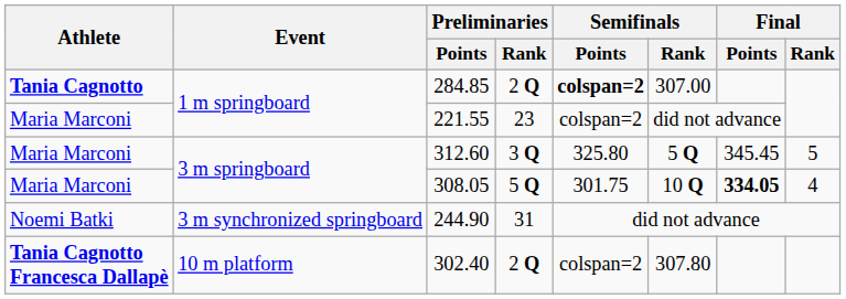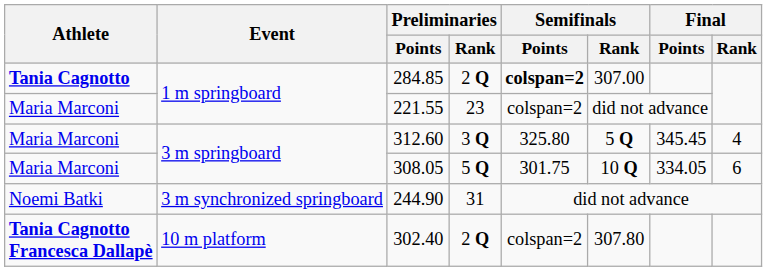 <table class=wikitable style="font-size:90%;">
 <tr>
 <th rowspan="2">Athlete</th>
 <th rowspan="2">Event</th>
 <th colspan="2">Preliminaries</th>
 <th colspan="2">Semifinals</th>
 <th colspan="2">Final</th>
 </tr>
 <tr style="font-size:95%">
 <th>Points</th>
 <th>Rank</th>
 <th>Points</th>
 <th>Rank</th>
 <th>Points</th>
 <th>Rank</th>
 </tr>
 <tr align=center>
 <td align=left><strong><a href='#'>Tania Cagnotto</a></strong></td>
 <td align=left rowspan=2><a href='#'>1 m springboard</a></td>
 <td>284.85</td>
 <td>2 <strong>Q</strong></td>
 <td><strong>colspan=2 </strong></td>
 <td>307.00</td>
 <td></td>
 </tr>
 <tr align=center>
 <td align=left><a href='#'>Maria Marconi</a></td>
 <td>221.55</td>
 <td>23</td>
 <td>colspan=2 </td>
 <td colspan=2>did not advance</td>
 </tr>
 <tr align=center>
 <td align=left><a href='#'>Maria Marconi</a></td>
 <td align=left rowspan=2><a href='#'>3 m springboard</a></td>
 <td>312.60</td>
 <td>3 <strong>Q</strong></td>
 <td>325.80</td>
 <td>5 <strong>Q</strong></td>
 <td>345.45</td>
-<td>5</td>
+<td>4</td>
 </tr>
 <tr align=center>
 <td align=left><a href='#'>Maria Marconi</a></td>
 <td>308.05</td>
 <td>5 <strong>Q</strong></td>
 <td>301.75</td>
 <td>10 <strong>Q</strong></td>
-<td><strong>334.05</strong></td>
-<td>4</td>
+<td>334.05</td>
+<td>6</td>
 </tr>
 <tr align=center>
 <td align=left><a href='#'>Noemi Batki</a></td>
 <td align=left><a href='#'>3 m synchronized springboard</a></td>
 <td>244.90</td>
 <td>31</td>
 <td colspan=4>did not advance</td>
 </tr>
 <tr align=center>
 <td align=left><strong><a href='#'>Tania Cagnotto</a><br><a href='#'>Francesca Dallapè</a></strong></td>
 <td align=left><a href='#'>10 m platform</a></td>
 <td>302.40</td>
 <td>2 <strong>Q</strong></td>
 <td>colspan=2 </td>
 <td>307.80</td>
 <td></td>
 </tr>
 </table>
